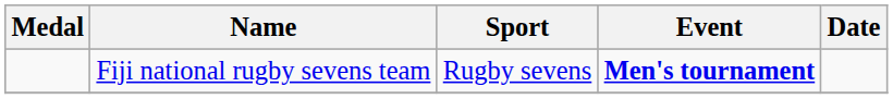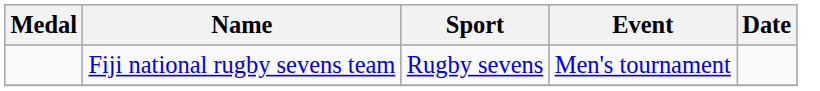 <table class="wikitable sortable" style="font-size: 95%;">
 <tr>
 <th>Medal</th>
 <th>Name</th>
 <th>Sport</th>
 <th>Event</th>
 <th>Date</th>
 </tr>
 <tr>
 <td></td>
 <td><a href='#'>Fiji national rugby sevens team</a><br></td>
 <td><a href='#'>Rugby sevens</a></td>
-<td><strong><a href='#'>Men's tournament</a></strong></td>
+<td><a href='#'>Men's tournament</a></td>
 <td></td>
 </tr>
 <tr>
 </tr>
 </table>
